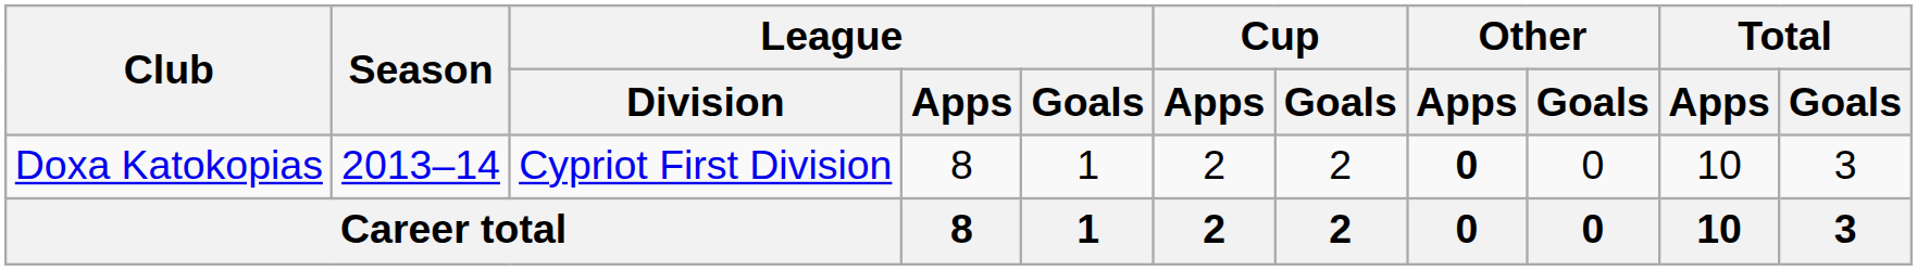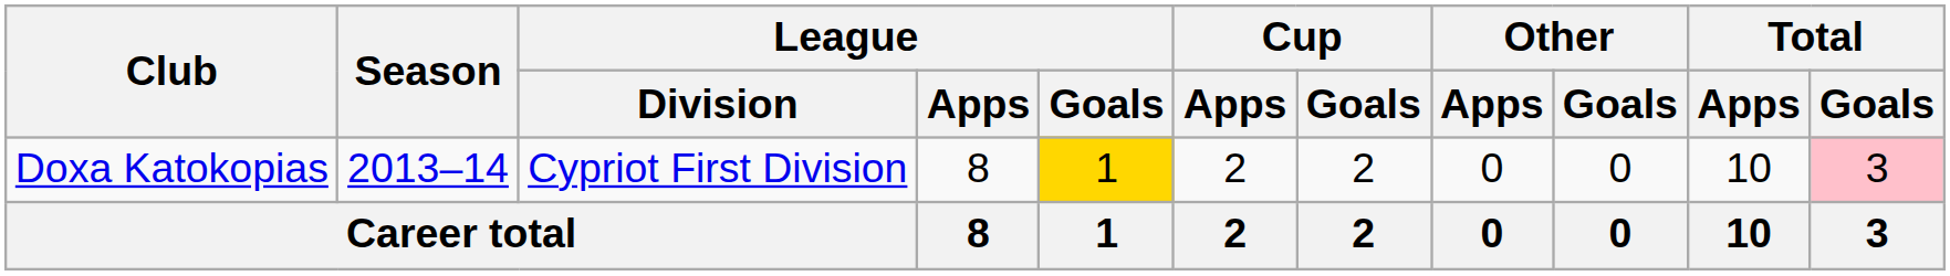 <table class="wikitable" style="text-align: center;">
 <tr>
 <th rowspan="2">Club</th>
 <th rowspan="2">Season</th>
 <th colspan="3">League</th>
 <th colspan="2">Cup</th>
 <th colspan="2">Other</th>
 <th colspan="2">Total</th>
 </tr>
 <tr>
 <th>Division</th>
 <th>Apps</th>
 <th>Goals</th>
 <th>Apps</th>
 <th>Goals</th>
 <th>Apps</th>
 <th>Goals</th>
 <th>Apps</th>
 <th>Goals</th>
 </tr>
 <tr>
 <td rowspan="1"><a href='#'>Doxa Katokopias</a></td>
 <td><a href='#'>2013–14</a></td>
 <td><a href='#'>Cypriot First Division</a></td>
 <td>8</td>
-<td>1</td>
+<td style="background: gold;">1</td>
 <td>2</td>
 <td>2</td>
-<td><strong>0</strong></td>
+<td>0</td>
 <td>0</td>
 <td>10</td>
-<td>3</td>
+<td style="background: pink;">3</td>
 </tr>
 <tr>
 <th colspan="3">Career total</th>
 <th>8</th>
 <th>1</th>
 <th>2</th>
 <th>2</th>
 <th>0</th>
 <th>0</th>
 <th>10</th>
 <th>3</th>
 </tr>
 </table>
